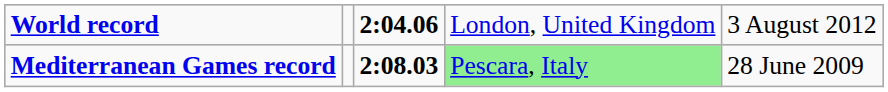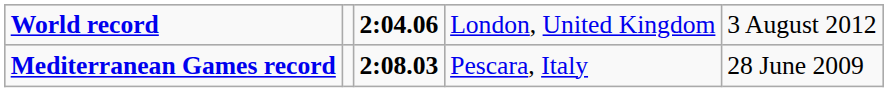 <table class="wikitable">
 <tr>
 <td><strong><a href='#'>World record</a></strong></td>
 <td></td>
 <td><strong>2:04.06</strong></td>
 <td><a href='#'>London</a>, <a href='#'>United Kingdom</a></td>
 <td>3 August 2012</td>
 </tr>
 <tr>
 <td><strong><a href='#'>Mediterranean Games record</a></strong></td>
 <td></td>
 <td><strong>2:08.03</strong></td>
-<td style="background: lightgreen;"><a href='#'>Pescara</a>, <a href='#'>Italy</a></td>
+<td><a href='#'>Pescara</a>, <a href='#'>Italy</a></td>
 <td>28 June 2009</td>
 </tr>
 </table>
